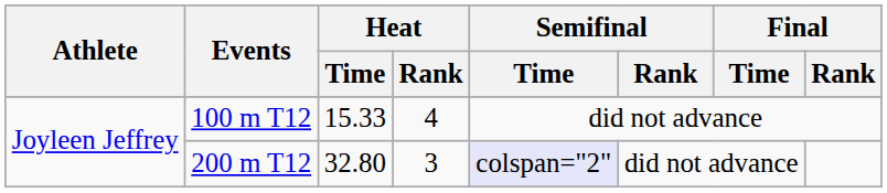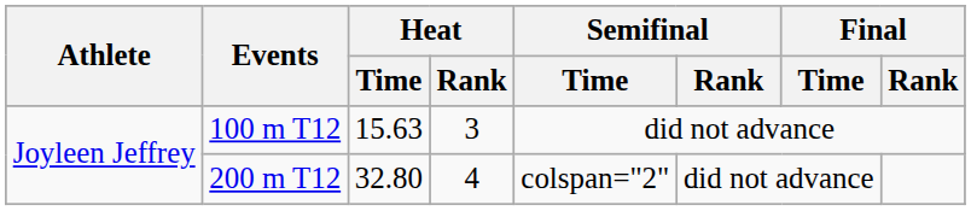 <table class=wikitable style="font-size:90%">
 <tr>
 <th rowspan="2">Athlete</th>
 <th rowspan="2">Events</th>
 <th colspan="2">Heat</th>
 <th colspan="2">Semifinal</th>
 <th colspan="2">Final</th>
 </tr>
 <tr>
 <th>Time</th>
 <th>Rank</th>
 <th>Time</th>
 <th>Rank</th>
 <th>Time</th>
 <th>Rank</th>
 </tr>
 <tr align=center>
 <td align=left rowspan=2><a href='#'>Joyleen Jeffrey</a></td>
 <td align=left><a href='#'>100 m T12</a></td>
-<td>15.33</td>
-<td>4</td>
+<td>15.63</td>
+<td>3</td>
 <td colspan=4>did not advance</td>
 </tr>
 <tr align=center>
 <td align=left><a href='#'>200 m T12</a></td>
 <td>32.80</td>
-<td>3</td>
-<td style="background: lavender;">colspan="2" </td>
+<td>4</td>
+<td>colspan="2" </td>
 <td colspan=2>did not advance</td>
 </tr>
 </table>
